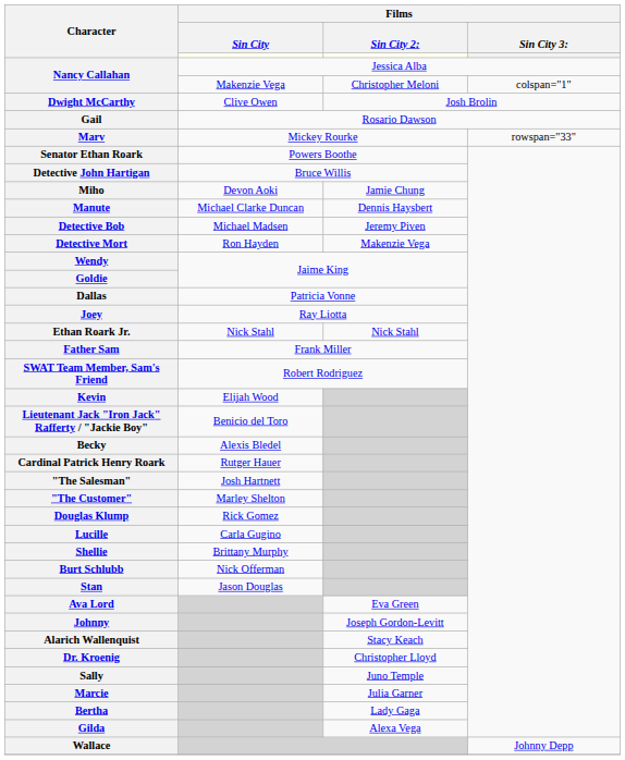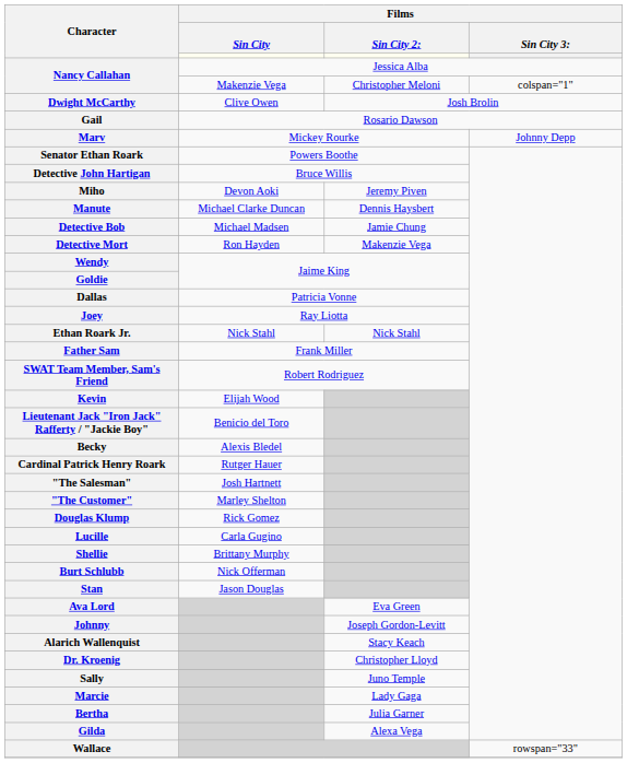 <table class="wikitable" style="text-align:center" width=100%>
 <tr>
 <th rowspan="3" width="12%">Character</th>
 <th colspan="8" align="center">Films</th>
 </tr>
 <tr>
 <th align="center" width="10%"><em><a href='#'><br>Sin City</a></em></th>
 <th align="center" width="10%"><em><a href='#'><br>Sin City 2:<br></a></em></th>
 <th align="center" width="10%"><em><br>Sin City 3:<br></em></th>
 </tr>
 <tr>
 <th style="background-color:ivory;"><span></span></th>
 <th style="background-color:ivory;"><span></span></th>
 <th></th>
 </tr>
 <tr>
 <th rowspan="2"><a href='#'>Nancy Callahan</a></th>
 <td colspan="3"><a href='#'>Jessica Alba</a></td>
 </tr>
 <tr>
 <td><a href='#'>Makenzie Vega</a></td>
 <td colspan="1"><a href='#'>Christopher Meloni</a></td>
 <td>colspan="1" </td>
 </tr>
 <tr>
 <th><a href='#'>Dwight McCarthy</a></th>
 <td colspan="1"><a href='#'>Clive Owen</a></td>
 <td colspan="2"><a href='#'>Josh Brolin</a></td>
 </tr>
 <tr>
 <th>Gail</th>
 <td colspan="3"><a href='#'>Rosario Dawson</a></td>
 </tr>
 <tr>
 <th><a href='#'>Marv<br></a></th>
 <td colspan="2"><a href='#'>Mickey Rourke</a></td>
-<td>rowspan="33" </td>
+<td colspan="1"><a href='#'>Johnny Depp</a></td>
 </tr>
 <tr>
 <th>Senator Ethan Roark</th>
 <td colspan="2"><a href='#'>Powers Boothe</a></td>
 </tr>
 <tr>
 <th>Detective <a href='#'>John Hartigan</a></th>
 <td colspan="2"><a href='#'>Bruce Willis</a></td>
 </tr>
 <tr>
 <th>Miho</th>
 <td colspan="1"><a href='#'>Devon Aoki</a></td>
-<td colspan="1"><a href='#'>Jamie Chung</a></td>
+<td colspan="1"><a href='#'>Jeremy Piven</a></td>
 </tr>
 <tr>
 <th><a href='#'>Manute</a></th>
 <td colspan="1"><a href='#'>Michael Clarke Duncan</a></td>
 <td colspan="1"><a href='#'>Dennis Haysbert</a></td>
 </tr>
 <tr>
 <th><a href='#'>Detective Bob</a></th>
 <td colspan="1"><a href='#'>Michael Madsen</a></td>
-<td colspan="1"><a href='#'>Jeremy Piven</a></td>
+<td colspan="1"><a href='#'>Jamie Chung</a></td>
 </tr>
 <tr>
 <th><a href='#'>Detective Mort</a></th>
 <td colspan="1"><a href='#'>Ron Hayden</a></td>
 <td><a href='#'>Makenzie Vega</a></td>
 </tr>
 <tr>
 <th><a href='#'>Wendy</a></th>
 <td rowspan="2" colspan="2"><a href='#'>Jaime King</a></td>
 </tr>
 <tr>
 <th><a href='#'>Goldie</a></th>
 </tr>
 <tr>
 <th>Dallas</th>
 <td colspan="2"><a href='#'>Patricia Vonne</a></td>
 </tr>
 <tr>
 <th><a href='#'>Joey</a></th>
 <td colspan="2"><a href='#'>Ray Liotta</a></td>
 </tr>
 <tr>
 <th>Ethan Roark Jr. <br></th>
 <td colspan="1"><a href='#'>Nick Stahl</a></td>
 <td colspan="1"><a href='#'>Nick Stahl</a></td>
 </tr>
 <tr>
 <th><a href='#'>Father Sam</a></th>
 <td colspan="2"><a href='#'>Frank Miller</a></td>
 </tr>
 <tr>
 <th><a href='#'>SWAT Team Member, Sam's Friend</a></th>
 <td colspan="2"><a href='#'>Robert Rodriguez</a></td>
 </tr>
 <tr>
 <th><a href='#'>Kevin</a></th>
 <td colspan="1"><a href='#'>Elijah Wood</a></td>
 <td colspan="1" style="background-color:lightgrey;"></td>
 </tr>
 <tr>
 <th><a href='#'>Lieutenant Jack "Iron Jack" Rafferty</a> / "Jackie Boy"</th>
 <td colspan="1"><a href='#'>Benicio del Toro</a></td>
 <td colspan="1" style="background-color:lightgrey;"></td>
 </tr>
 <tr>
 <th>Becky</th>
 <td colspan="1"><a href='#'>Alexis Bledel</a></td>
 <td colspan="1" style="background-color:lightgrey;"></td>
 </tr>
 <tr>
 <th>Cardinal Patrick Henry Roark</th>
 <td colspan="1"><a href='#'>Rutger Hauer</a></td>
 <td colspan="1" style="background-color:lightgrey;"></td>
 </tr>
 <tr>
 <th>"The Salesman"</th>
 <td colspan="1"><a href='#'>Josh Hartnett</a></td>
 <td colspan="1" style="background-color:lightgrey;"></td>
 </tr>
 <tr>
 <th><a href='#'>"The Customer"</a></th>
 <td colspan="1"><a href='#'>Marley Shelton</a></td>
 <td colspan="1" style="background-color:lightgrey;"></td>
 </tr>
 <tr>
 <th><a href='#'>Douglas Klump</a></th>
 <td colspan="1"><a href='#'>Rick Gomez</a></td>
 <td colspan="1" style="background-color:lightgrey;"></td>
 </tr>
 <tr>
 <th><a href='#'>Lucille</a></th>
 <td colspan="1"><a href='#'>Carla Gugino</a></td>
 <td colspan="1" style="background-color:lightgrey;"></td>
 </tr>
 <tr>
 <th><a href='#'>Shellie</a></th>
 <td colspan="1"><a href='#'>Brittany Murphy</a></td>
 <td colspan="1" style="background-color:lightgrey;"></td>
 </tr>
 <tr>
 <th><a href='#'>Burt Schlubb</a></th>
 <td colspan="1"><a href='#'>Nick Offerman</a></td>
 <td colspan="1" style="background-color:lightgrey;"></td>
 </tr>
 <tr>
 <th><a href='#'>Stan</a></th>
 <td colspan="1"><a href='#'>Jason Douglas</a></td>
 <td colspan="1" style="background-color:lightgrey;"></td>
 </tr>
 <tr>
 <th><a href='#'>Ava Lord</a></th>
 <td colspan="1" style="background-color:lightgrey;"></td>
 <td colspan="1"><a href='#'>Eva Green</a></td>
 </tr>
 <tr>
 <th><a href='#'>Johnny</a></th>
 <td colspan="1" style="background-color:lightgrey;"></td>
 <td colspan="1"><a href='#'>Joseph Gordon-Levitt</a></td>
 </tr>
 <tr>
 <th>Alarich Wallenquist</th>
 <td colspan="1" style="background-color:lightgrey;"></td>
 <td colspan="1"><a href='#'>Stacy Keach</a></td>
 </tr>
 <tr>
 <th><a href='#'>Dr. Kroenig</a></th>
 <td colspan="1" style="background-color:lightgrey;"></td>
 <td colspan="1"><a href='#'>Christopher Lloyd</a></td>
 </tr>
 <tr>
 <th>Sally</th>
 <td colspan="1" style="background-color:lightgrey;"></td>
 <td colspan="1"><a href='#'>Juno Temple</a></td>
 </tr>
 <tr>
 <th><a href='#'>Marcie</a></th>
 <td colspan="1" style="background-color:lightgrey;"></td>
-<td colspan="1"><a href='#'>Julia Garner</a></td>
+<td colspan="1"><a href='#'>Lady Gaga</a></td>
 </tr>
 <tr>
 <th><a href='#'>Bertha</a></th>
 <td colspan="1" style="background-color:lightgrey;"></td>
-<td colspan="1"><a href='#'>Lady Gaga</a></td>
+<td colspan="1"><a href='#'>Julia Garner</a></td>
 </tr>
 <tr>
 <th><a href='#'>Gilda</a></th>
 <td colspan="1" style="background-color:lightgrey;"></td>
 <td colspan="1"><a href='#'>Alexa Vega</a></td>
 </tr>
 <tr>
 <th>Wallace</th>
 <td colspan="2" style="background-color:lightgrey;"></td>
-<td colspan="1"><a href='#'>Johnny Depp</a></td>
+<td>rowspan="33" </td>
 </tr>
 <tr>
 </tr>
 </table>
